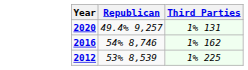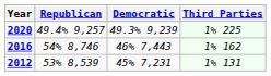 <table class="wikitable" style="float:right; font-size:95%;">
 <tr bgcolor=lightgrey>
 <th>Year</th>
 <th><a href='#'>Republican</a></th>
+<th><a href='#'>Democratic</a></th>
 <th><a href='#'>Third Parties</a></th>
 </tr>
 <tr>
 <td style="text-align:center; "><strong><a href='#'>2020</a></strong></td>
 <td style="text-align:center; "><em>49.4%</em> <em>9,257</em></td>
-<td style="text-align:center; background:honeyDew;"><em>1%</em> <em>131</em></td>
+<td style="text-align:center; "><em>49.3%</em> <em>9,239</em></td>
+<td style="text-align:center; background:honeyDew;"><em>1%</em> <em>225</em></td>
 </tr>
 <tr>
 <td style="text-align:center; "><strong><a href='#'>2016</a></strong></td>
 <td style="text-align:center; "><em>54%</em> <em>8,746</em></td>
+<td style="text-align:center; "><em>46%</em> <em>7,443</em></td>
 <td style="text-align:center; background:honeyDew;"><em>1%</em> <em>162</em></td>
 </tr>
 <tr>
 <td style="text-align:center; "><strong><a href='#'>2012</a></strong></td>
 <td style="text-align:center; "><em>53%</em> <em>8,539</em></td>
-<td style="text-align:center; background:honeyDew;"><em>1%</em> <em>225</em></td>
+<td style="text-align:center; "><em>45%</em> <em>7,231</em></td>
+<td style="text-align:center; background:honeyDew;"><em>1%</em> <em>131</em></td>
 </tr>
 </table>
